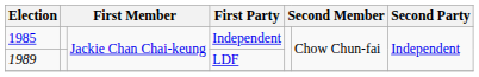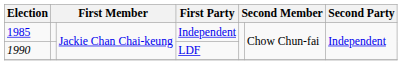 <table class="wikitable">
 <tr>
 <th>Election</th>
 <th colspan="2">First Member</th>
 <th>First Party</th>
 <th colspan="2">Second Member</th>
 <th>Second Party</th>
 </tr>
 <tr>
 <td><a href='#'>1985</a></td>
 <td style="background-color:"></td>
 <td rowspan=2><a href='#'>Jackie Chan Chai-keung</a></td>
 <td><a href='#'>Independent</a></td>
 <td rowspan=2 style="background-color:"></td>
 <td rowspan=2>Chow Chun-fai</td>
 <td rowspan=2><a href='#'>Independent</a></td>
 </tr>
 <tr>
-<td><em>1989</em></td>
+<td><em>1990</em></td>
 <td style="background-color:"></td>
 <td><a href='#'>LDF</a></td>
 </tr>
 <tr>
 </tr>
 </table>
